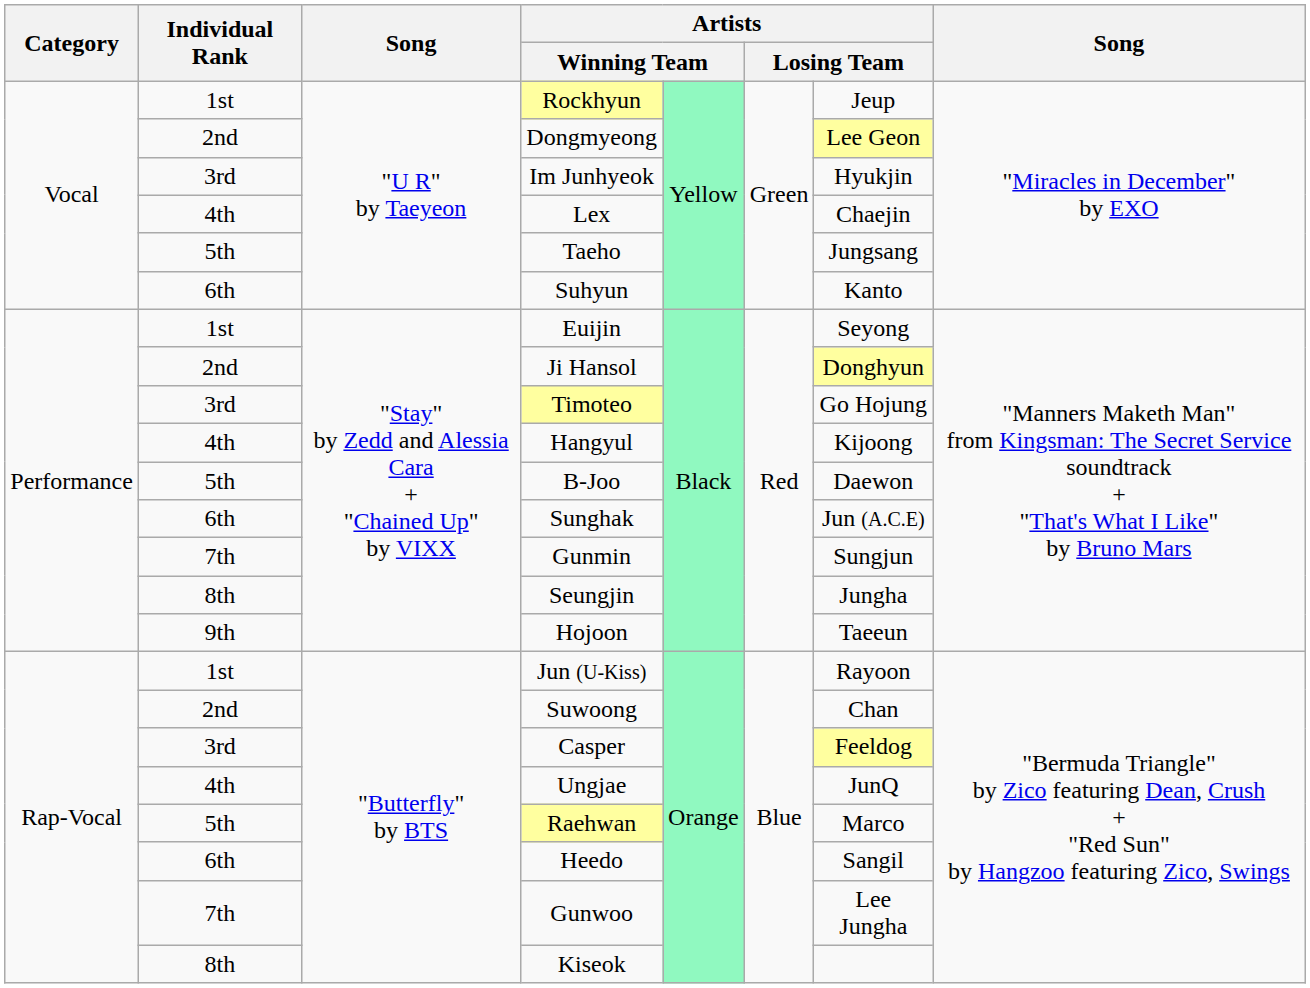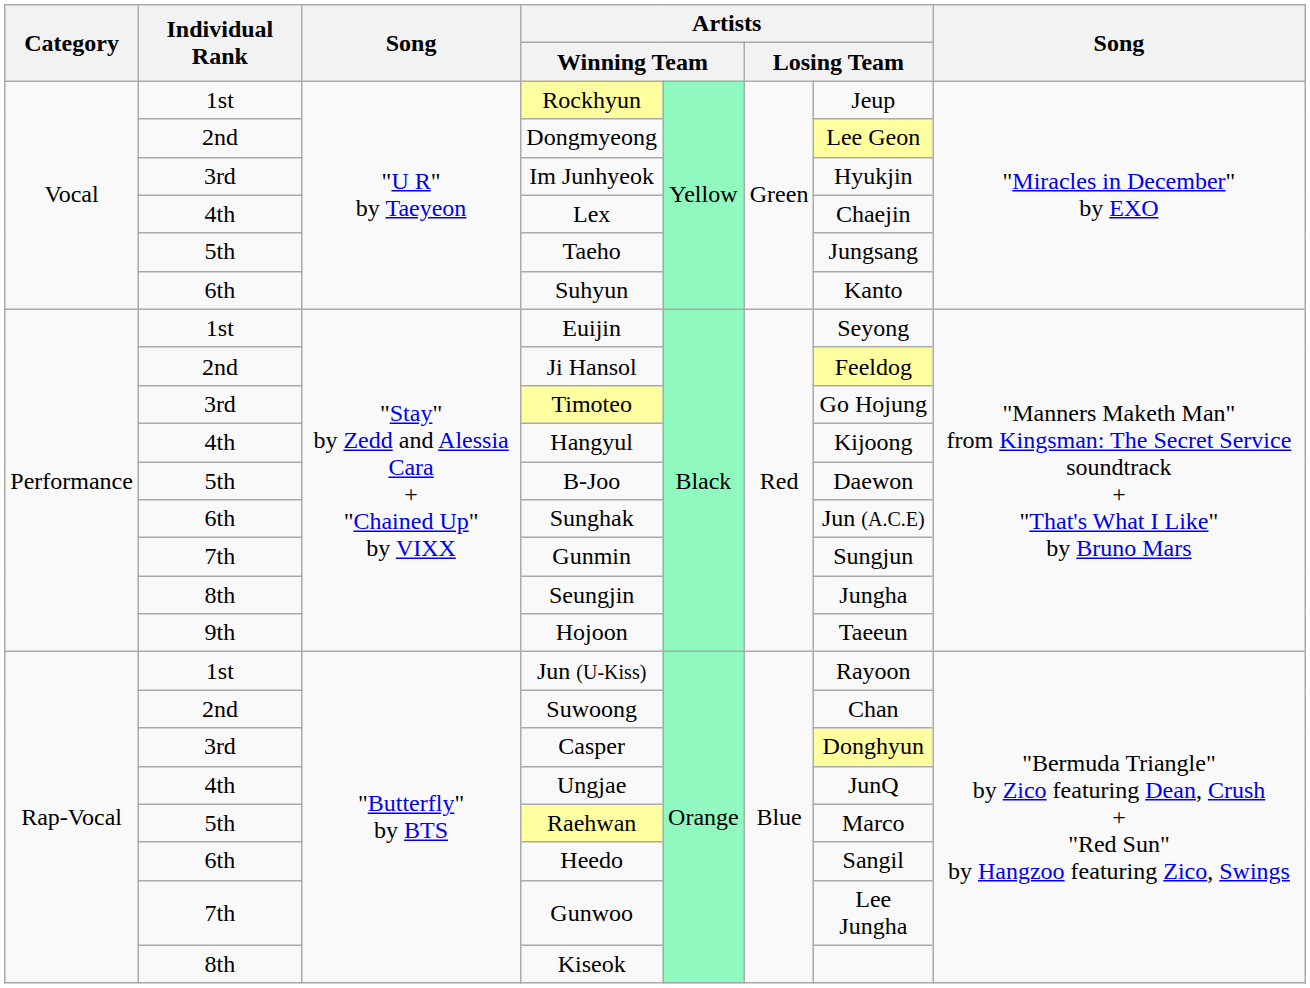 <table class="wikitable" style="text-align: center;">
 <tr>
 <th rowspan="2">Category</th>
 <th rowspan="2">Individual Rank</th>
 <th rowspan="2">Song</th>
 <th colspan="4">Artists</th>
 <th rowspan="2">Song</th>
 </tr>
 <tr>
 <th colspan="2">Winning Team</th>
 <th colspan="2">Losing Team</th>
 </tr>
 <tr>
 <td rowspan="6">Vocal</td>
 <td>1st</td>
 <td rowspan="6">"<a href='#'>U R</a>"<br>by <a href='#'>Taeyeon</a></td>
 <td style="background:#FFFF9F;">Rockhyun</td>
 <td rowspan="6" style="background:#90F9C0;">Yellow <br><small></small></td>
 <td rowspan="6">Green <br><small></small></td>
 <td>Jeup</td>
 <td rowspan="6">"<a href='#'>Miracles in December</a>"<br>by <a href='#'>EXO</a></td>
 </tr>
 <tr>
 <td>2nd</td>
 <td>Dongmyeong</td>
 <td style="background:#FFFF9F;">Lee Geon</td>
 </tr>
 <tr>
 <td>3rd</td>
 <td>Im Junhyeok</td>
 <td>Hyukjin</td>
 </tr>
 <tr>
 <td>4th</td>
 <td>Lex</td>
 <td>Chaejin</td>
 </tr>
 <tr>
 <td>5th</td>
 <td>Taeho</td>
 <td>Jungsang</td>
 </tr>
 <tr>
 <td>6th</td>
 <td>Suhyun</td>
 <td>Kanto</td>
 </tr>
 <tr>
 <td rowspan="9">Performance</td>
 <td>1st</td>
 <td rowspan="9">"<a href='#'>Stay</a>"<br>by <a href='#'>Zedd</a> and <a href='#'>Alessia Cara</a><br>+<br>"<a href='#'>Chained Up</a>"<br>by <a href='#'>VIXX</a></td>
 <td>Euijin</td>
 <td rowspan="9" style="background:#90F9C0;">Black <br><small></small></td>
 <td rowspan="9">Red <br><small></small></td>
 <td>Seyong</td>
 <td rowspan="9">"Manners Maketh Man"<br>from <a href='#'>Kingsman: The Secret Service</a> soundtrack<br>+<br>"<a href='#'>That's What I Like</a>"<br>by <a href='#'>Bruno Mars</a></td>
 </tr>
 <tr>
 <td>2nd</td>
 <td>Ji Hansol</td>
-<td style="background:#FFFF9F;">Donghyun</td>
+<td style="background:#FFFF9F;">Feeldog</td>
 </tr>
 <tr>
 <td>3rd</td>
 <td style="background:#FFFF9F;">Timoteo</td>
 <td>Go Hojung</td>
 </tr>
 <tr>
 <td>4th</td>
 <td>Hangyul</td>
 <td>Kijoong</td>
 </tr>
 <tr>
 <td>5th</td>
 <td>B-Joo</td>
 <td>Daewon</td>
 </tr>
 <tr>
 <td>6th</td>
 <td>Sunghak</td>
 <td>Jun <small>(A.C.E)</small></td>
 </tr>
 <tr>
 <td>7th</td>
 <td>Gunmin</td>
 <td>Sungjun</td>
 </tr>
 <tr>
 <td>8th</td>
 <td>Seungjin</td>
 <td>Jungha</td>
 </tr>
 <tr>
 <td>9th</td>
 <td>Hojoon</td>
 <td>Taeeun</td>
 </tr>
 <tr>
 <td rowspan="8">Rap-Vocal</td>
 <td>1st</td>
 <td rowspan="8">"<a href='#'>Butterfly</a>"<br>by <a href='#'>BTS</a></td>
 <td>Jun <small>(U-Kiss)</small></td>
 <td rowspan="8" style="background:#90F9C0;">Orange <br><small></small></td>
 <td rowspan="8">Blue <br><small></small></td>
 <td>Rayoon</td>
 <td rowspan="8">"Bermuda Triangle"<br>by <a href='#'>Zico</a> featuring <a href='#'>Dean</a>, <a href='#'>Crush</a><br>+<br>"Red Sun"<br>by <a href='#'>Hangzoo</a> featuring <a href='#'>Zico</a>, <a href='#'>Swings</a></td>
 </tr>
 <tr>
 <td>2nd</td>
 <td>Suwoong</td>
 <td>Chan</td>
 </tr>
 <tr>
 <td>3rd</td>
 <td>Casper</td>
-<td style="background:#FFFF9F;">Feeldog</td>
+<td style="background:#FFFF9F;">Donghyun</td>
 </tr>
 <tr>
 <td>4th</td>
 <td>Ungjae</td>
 <td>JunQ</td>
 </tr>
 <tr>
 <td>5th</td>
 <td style="background:#FFFF9F;">Raehwan</td>
 <td>Marco</td>
 </tr>
 <tr>
 <td>6th</td>
 <td>Heedo</td>
 <td>Sangil</td>
 </tr>
 <tr>
 <td>7th</td>
 <td>Gunwoo</td>
 <td>Lee Jungha</td>
 </tr>
 <tr>
 <td>8th</td>
 <td>Kiseok</td>
 <td></td>
 </tr>
 </table>
